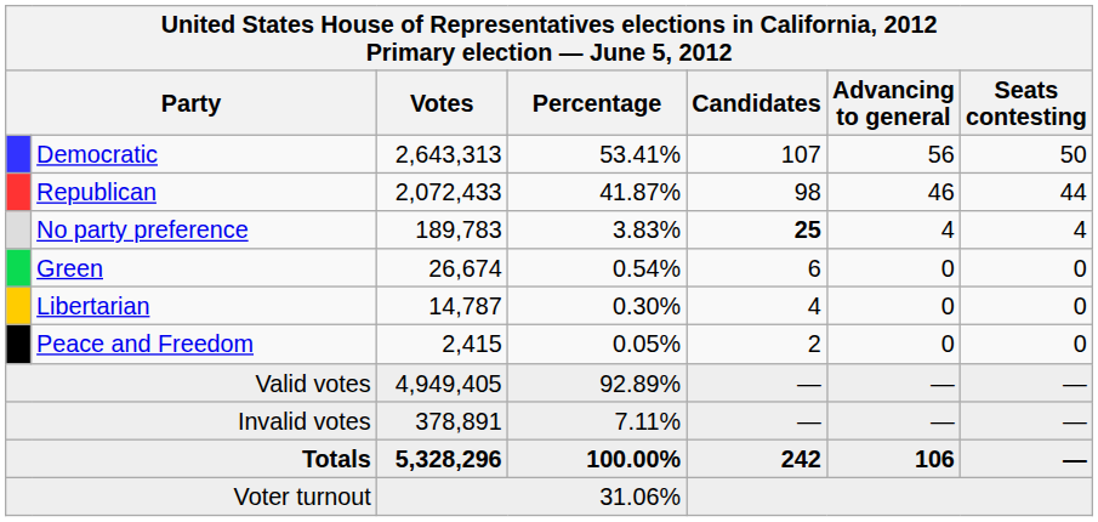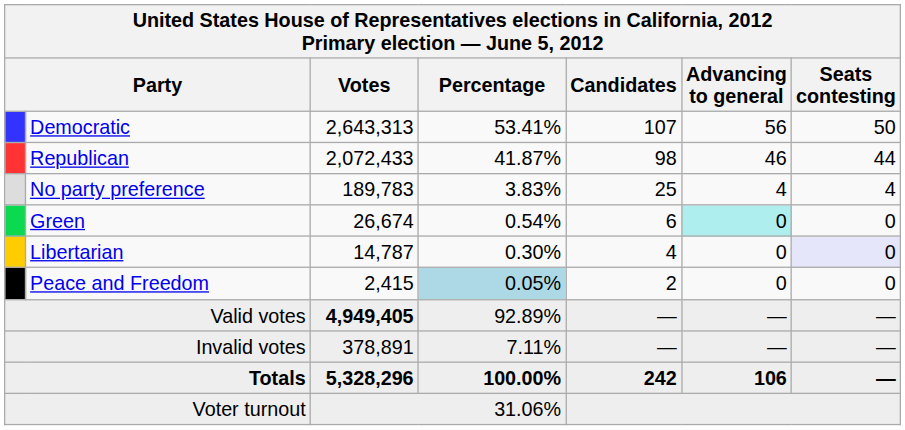 <table class="wikitable" style="font-size: 95%;">
 <tr>
 <th colspan="7">United States House of Representatives elections in California, 2012<br>Primary election — June 5, 2012</th>
 </tr>
 <tr>
 <th colspan=2 style="width: 15em">Party</th>
 <th style="width: 5em">Votes</th>
 <th style="width: 7em">Percentage</th>
 <th style="width: 5em">Candidates</th>
 <th style="width: 5em">Advancing to general</th>
 <th style="width: 5em">Seats contesting</th>
 </tr>
 <tr>
 <th style="background-color:#3333FF; width: 3px"></th>
 <td style="width: 130px"><a href='#'>Democratic</a></td>
 <td align="right">2,643,313</td>
 <td align="right">53.41%</td>
 <td align="right">107</td>
 <td align="right">56</td>
 <td align="right">50</td>
 </tr>
 <tr>
 <th style="background-color:#FF3333; width: 3px"></th>
 <td style="width: 130px"><a href='#'>Republican</a></td>
 <td align="right">2,072,433</td>
 <td align="right">41.87%</td>
 <td align="right">98</td>
 <td align="right">46</td>
 <td align="right">44</td>
 </tr>
 <tr>
 <th style="background-color:#DDDDDD; width: 3px"></th>
 <td style="width: 130px"><a href='#'>No party preference</a></td>
 <td align="right">189,783</td>
 <td align="right">3.83%</td>
-<td align="right"><strong>25</strong></td>
+<td align="right">25</td>
 <td align="right">4</td>
 <td align="right">4</td>
 </tr>
 <tr>
 <th style="background-color:#0BDA51; width: 3px"></th>
 <td style="width: 130px"><a href='#'>Green</a></td>
 <td align="right">26,674</td>
 <td align="right">0.54%</td>
 <td align="right">6</td>
-<td align="right">0</td>
+<td align="right" style="background: paleturquoise;">0</td>
 <td align="right">0</td>
 </tr>
 <tr>
 <th style="background-color:#FFCC00; width: 3px"></th>
 <td style="width: 130px"><a href='#'>Libertarian</a></td>
 <td align="right">14,787</td>
 <td align="right">0.30%</td>
 <td align="right">4</td>
 <td align="right">0</td>
-<td align="right">0</td>
+<td align="right" style="background: lavender;">0</td>
 </tr>
 <tr>
 <th style="background-color:#000000; width: 3px"></th>
 <td style="width: 130px"><a href='#'>Peace and Freedom</a></td>
 <td align="right">2,415</td>
-<td align="right">0.05%</td>
+<td align="right" style="background: lightblue;">0.05%</td>
 <td align="right">2</td>
 <td align="right">0</td>
 <td align="right">0</td>
 </tr>
 <tr bgcolor="#EEEEEE">
 <td colspan="2" align="right">Valid votes</td>
-<td align="right">4,949,405</td>
+<td align="right"><strong>4,949,405</strong></td>
 <td align="right">92.89%</td>
 <td align="right">—</td>
 <td align="right">—</td>
 <td align="right">—</td>
 </tr>
 <tr bgcolor="#EEEEEE">
 <td colspan="2" align="right">Invalid votes</td>
 <td align="right">378,891</td>
 <td align="right">7.11%</td>
 <td align="right">—</td>
 <td align="right">—</td>
 <td align="right">—</td>
 </tr>
 <tr bgcolor="#EEEEEE">
 <td colspan="2" align="right"><strong>Totals</strong></td>
 <td align="right"><strong>5,328,296</strong></td>
 <td align="right"><strong>100.00%</strong></td>
 <td align="right"><strong>242</strong></td>
 <td align="right"><strong>106</strong></td>
 <td align="right"><strong>—</strong></td>
 </tr>
 <tr bgcolor="#EEEEEE">
 <td colspan="2" align="right">Voter turnout</td>
 <td colspan="2" align="right">31.06%</td>
 <td colspan="3" align="right"></td>
 </tr>
 </table>
